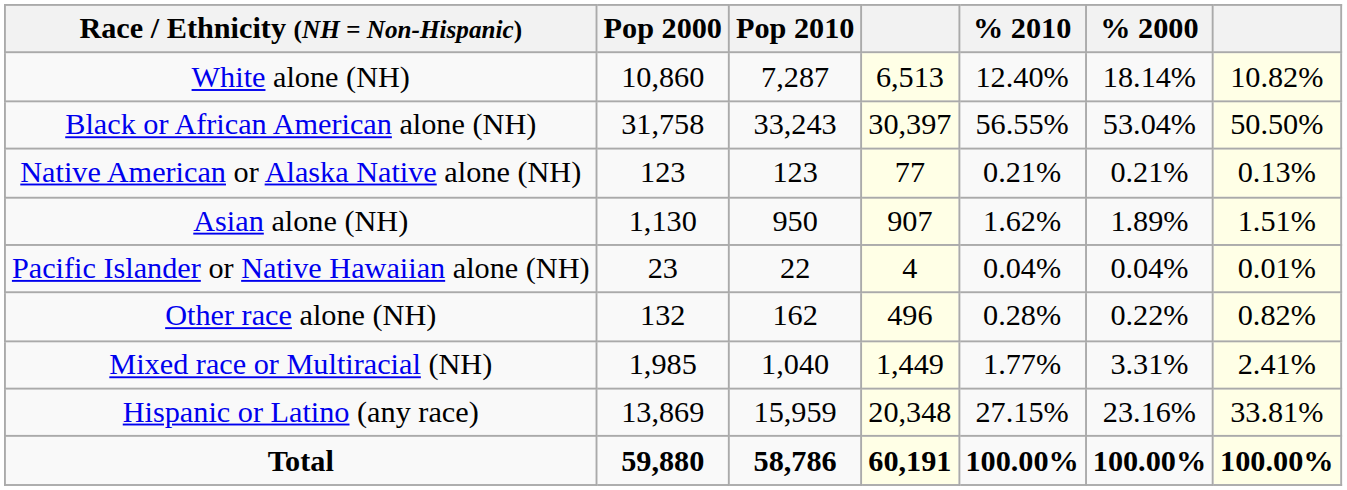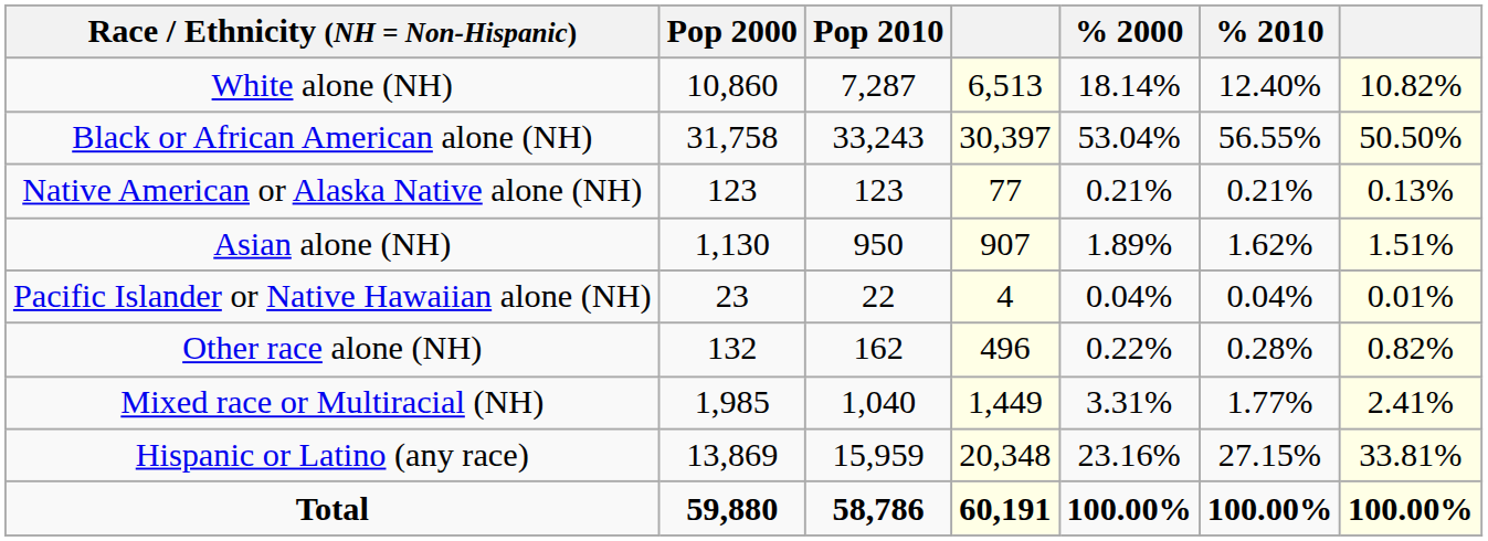 <table class="wikitable" style="text-align:center;">
 <tr>
 <th>Race / Ethnicity <small>(<em>NH = Non-Hispanic</em>)</small></th>
 <th>Pop 2000</th>
 <th>Pop 2010</th>
 <th></th>
+<th>% 2000</th>
 <th>% 2010</th>
-<th>% 2000</th>
 <th></th>
 </tr>
 <tr>
 <td><a href='#'>White</a> alone (NH)</td>
 <td>10,860</td>
 <td>7,287</td>
 <td style='background: #ffffe6;'>6,513</td>
+<td>18.14%</td>
 <td>12.40%</td>
-<td>18.14%</td>
 <td style='background: #ffffe6;'>10.82%</td>
 </tr>
 <tr>
 <td><a href='#'>Black or African American</a> alone (NH)</td>
 <td>31,758</td>
 <td>33,243</td>
 <td style='background: #ffffe6;'>30,397</td>
+<td>53.04%</td>
 <td>56.55%</td>
-<td>53.04%</td>
 <td style='background: #ffffe6;'>50.50%</td>
 </tr>
 <tr>
 <td><a href='#'>Native American</a> or <a href='#'>Alaska Native</a> alone (NH)</td>
 <td>123</td>
 <td>123</td>
 <td style='background: #ffffe6;'>77</td>
 <td>0.21%</td>
 <td>0.21%</td>
 <td style='background: #ffffe6;'>0.13%</td>
 </tr>
 <tr>
 <td><a href='#'>Asian</a> alone (NH)</td>
 <td>1,130</td>
 <td>950</td>
 <td style='background: #ffffe6;'>907</td>
+<td>1.89%</td>
 <td>1.62%</td>
-<td>1.89%</td>
 <td style='background: #ffffe6;'>1.51%</td>
 </tr>
 <tr>
 <td><a href='#'>Pacific Islander</a> or <a href='#'>Native Hawaiian</a> alone (NH)</td>
 <td>23</td>
 <td>22</td>
 <td style='background: #ffffe6;'>4</td>
 <td>0.04%</td>
 <td>0.04%</td>
 <td style='background: #ffffe6;'>0.01%</td>
 </tr>
 <tr>
 <td><a href='#'>Other race</a> alone (NH)</td>
 <td>132</td>
 <td>162</td>
 <td style='background: #ffffe6;'>496</td>
+<td>0.22%</td>
 <td>0.28%</td>
-<td>0.22%</td>
 <td style='background: #ffffe6;'>0.82%</td>
 </tr>
 <tr>
 <td><a href='#'>Mixed race or Multiracial</a> (NH)</td>
 <td>1,985</td>
 <td>1,040</td>
 <td style='background: #ffffe6;'>1,449</td>
+<td>3.31%</td>
 <td>1.77%</td>
-<td>3.31%</td>
 <td style='background: #ffffe6;'>2.41%</td>
 </tr>
 <tr>
 <td><a href='#'>Hispanic or Latino</a> (any race)</td>
 <td>13,869</td>
 <td>15,959</td>
 <td style='background: #ffffe6;'>20,348</td>
+<td>23.16%</td>
 <td>27.15%</td>
-<td>23.16%</td>
 <td style='background: #ffffe6;'>33.81%</td>
 </tr>
 <tr>
 <td><strong>Total</strong></td>
 <td><strong>59,880</strong></td>
 <td><strong>58,786</strong></td>
 <td style='background: #ffffe6;'><strong>60,191</strong></td>
 <td><strong>100.00%</strong></td>
 <td><strong>100.00%</strong></td>
 <td style='background: #ffffe6;'><strong>100.00%</strong></td>
 </tr>
 </table>
